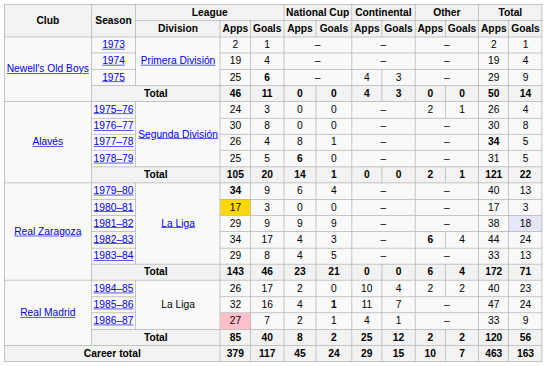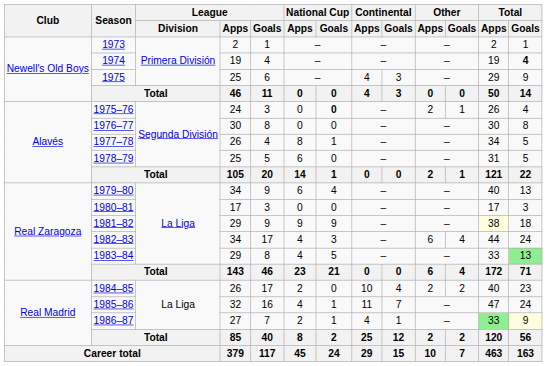 <table class="wikitable" style="text-align:center">
 <tr>
 <th rowspan="2">Club</th>
 <th rowspan="2">Season</th>
 <th colspan="3">League</th>
 <th colspan="2">National Cup</th>
 <th colspan="2">Continental</th>
 <th colspan="2">Other</th>
 <th colspan="2">Total</th>
 </tr>
 <tr>
 <th>Division</th>
 <th>Apps</th>
 <th>Goals</th>
 <th>Apps</th>
 <th>Goals</th>
 <th>Apps</th>
 <th>Goals</th>
 <th>Apps</th>
 <th>Goals</th>
 <th>Apps</th>
 <th>Goals</th>
 </tr>
 <tr>
 <td rowspan="4"><a href='#'>Newell's Old Boys</a></td>
 <td><a href='#'>1973</a></td>
 <td rowspan="3"><a href='#'>Primera División</a></td>
 <td>2</td>
 <td>1</td>
 <td colspan="2">–</td>
 <td colspan="2">–</td>
 <td colspan="2">–</td>
 <td>2</td>
 <td>1</td>
 </tr>
 <tr>
 <td><a href='#'>1974</a></td>
 <td>19</td>
 <td>4</td>
 <td colspan="2">–</td>
 <td colspan="2">–</td>
 <td colspan="2">–</td>
 <td>19</td>
-<td>4</td>
+<td><strong>4</strong></td>
 </tr>
 <tr>
 <td><a href='#'>1975</a></td>
 <td>25</td>
-<td><strong>6</strong></td>
+<td>6</td>
 <td colspan="2">–</td>
 <td>4</td>
 <td>3</td>
 <td colspan="2">–</td>
 <td>29</td>
 <td>9</td>
 </tr>
 <tr>
 <th colspan="2">Total</th>
 <th>46</th>
 <th>11</th>
 <th>0</th>
 <th>0</th>
 <th>4</th>
 <th>3</th>
 <th>0</th>
 <th>0</th>
 <th>50</th>
 <th>14</th>
 </tr>
 <tr>
 <td rowspan="5"><a href='#'>Alavés</a></td>
 <td><a href='#'>1975–76</a></td>
 <td rowspan="4"><a href='#'>Segunda División</a></td>
 <td>24</td>
 <td>3</td>
 <td>0</td>
-<td>0</td>
+<td><strong>0</strong></td>
 <td colspan="2">–</td>
 <td>2</td>
 <td>1</td>
 <td>26</td>
 <td>4</td>
 </tr>
 <tr>
 <td><a href='#'>1976–77</a></td>
 <td>30</td>
 <td>8</td>
 <td>0</td>
 <td>0</td>
 <td colspan="2">–</td>
 <td colspan="2">–</td>
 <td>30</td>
 <td>8</td>
 </tr>
 <tr>
 <td><a href='#'>1977–78</a></td>
 <td>26</td>
 <td>4</td>
 <td>8</td>
 <td>1</td>
 <td colspan="2">–</td>
 <td colspan="2">–</td>
-<td><strong>34</strong></td>
+<td>34</td>
 <td>5</td>
 </tr>
 <tr>
 <td><a href='#'>1978–79</a></td>
 <td>25</td>
 <td>5</td>
-<td><strong>6</strong></td>
+<td>6</td>
 <td>0</td>
 <td colspan="2">–</td>
 <td colspan="2">–</td>
 <td>31</td>
 <td>5</td>
 </tr>
 <tr>
 <th colspan="2">Total</th>
 <th>105</th>
 <th>20</th>
 <th>14</th>
 <th>1</th>
 <th>0</th>
 <th>0</th>
 <th>2</th>
 <th>1</th>
 <th>121</th>
 <th>22</th>
 </tr>
 <tr>
 <td rowspan="6"><a href='#'>Real Zaragoza</a></td>
 <td><a href='#'>1979–80</a></td>
 <td rowspan="5"><a href='#'>La Liga</a></td>
-<td><strong>34</strong></td>
+<td>34</td>
 <td>9</td>
 <td>6</td>
 <td>4</td>
 <td colspan="2">–</td>
 <td colspan="2">–</td>
 <td>40</td>
 <td>13</td>
 </tr>
 <tr>
 <td><a href='#'>1980–81</a></td>
-<td style="background: gold;">17</td>
+<td>17</td>
 <td>3</td>
 <td>0</td>
 <td>0</td>
 <td colspan="2">–</td>
 <td colspan="2">–</td>
 <td>17</td>
 <td>3</td>
 </tr>
 <tr>
 <td><a href='#'>1981–82</a></td>
 <td>29</td>
 <td>9</td>
 <td>9</td>
 <td>9</td>
 <td colspan="2">–</td>
 <td colspan="2">–</td>
-<td>38</td>
-<td style="background: lavender;">18</td>
+<td style="background: lightyellow;">38</td>
+<td>18</td>
 </tr>
 <tr>
 <td><a href='#'>1982–83</a></td>
 <td>34</td>
 <td>17</td>
 <td>4</td>
 <td>3</td>
 <td colspan="2">–</td>
-<td><strong>6</strong></td>
+<td>6</td>
 <td>4</td>
 <td>44</td>
 <td>24</td>
 </tr>
 <tr>
 <td><a href='#'>1983–84</a></td>
 <td>29</td>
 <td>8</td>
 <td>4</td>
 <td>5</td>
 <td colspan="2">–</td>
 <td colspan="2">–</td>
 <td>33</td>
-<td>13</td>
+<td style="background: lightgreen;">13</td>
 </tr>
 <tr>
 <th colspan="2">Total</th>
 <th>143</th>
 <th>46</th>
 <th>23</th>
 <th>21</th>
 <th>0</th>
 <th>0</th>
 <th>6</th>
 <th>4</th>
 <th>172</th>
 <th>71</th>
 </tr>
 <tr>
 <td rowspan="4"><a href='#'>Real Madrid</a></td>
 <td><a href='#'>1984–85</a></td>
 <td rowspan="3">La Liga</td>
 <td>26</td>
 <td>17</td>
 <td>2</td>
 <td>0</td>
 <td>10</td>
 <td>4</td>
 <td>2</td>
 <td>2</td>
 <td>40</td>
 <td>23</td>
 </tr>
 <tr>
 <td><a href='#'>1985–86</a></td>
 <td>32</td>
 <td>16</td>
 <td>4</td>
-<td><strong>1</strong></td>
+<td>1</td>
 <td>11</td>
 <td>7</td>
 <td colspan="2">–</td>
 <td>47</td>
 <td>24</td>
 </tr>
 <tr>
 <td><a href='#'>1986–87</a></td>
-<td style="background: pink;">27</td>
+<td>27</td>
 <td>7</td>
 <td>2</td>
 <td>1</td>
 <td>4</td>
 <td>1</td>
 <td colspan="2">–</td>
-<td>33</td>
-<td>9</td>
+<td style="background: lightgreen;">33</td>
+<td style="background: lightyellow;">9</td>
 </tr>
 <tr>
 <th colspan="2">Total</th>
 <th>85</th>
 <th>40</th>
 <th>8</th>
 <th>2</th>
 <th>25</th>
 <th>12</th>
 <th>2</th>
 <th>2</th>
 <th>120</th>
 <th>56</th>
 </tr>
 <tr>
 <th colspan="3">Career total</th>
 <th>379</th>
 <th>117</th>
 <th>45</th>
 <th>24</th>
 <th>29</th>
 <th>15</th>
 <th>10</th>
 <th>7</th>
 <th>463</th>
 <th>163</th>
 </tr>
 </table>
